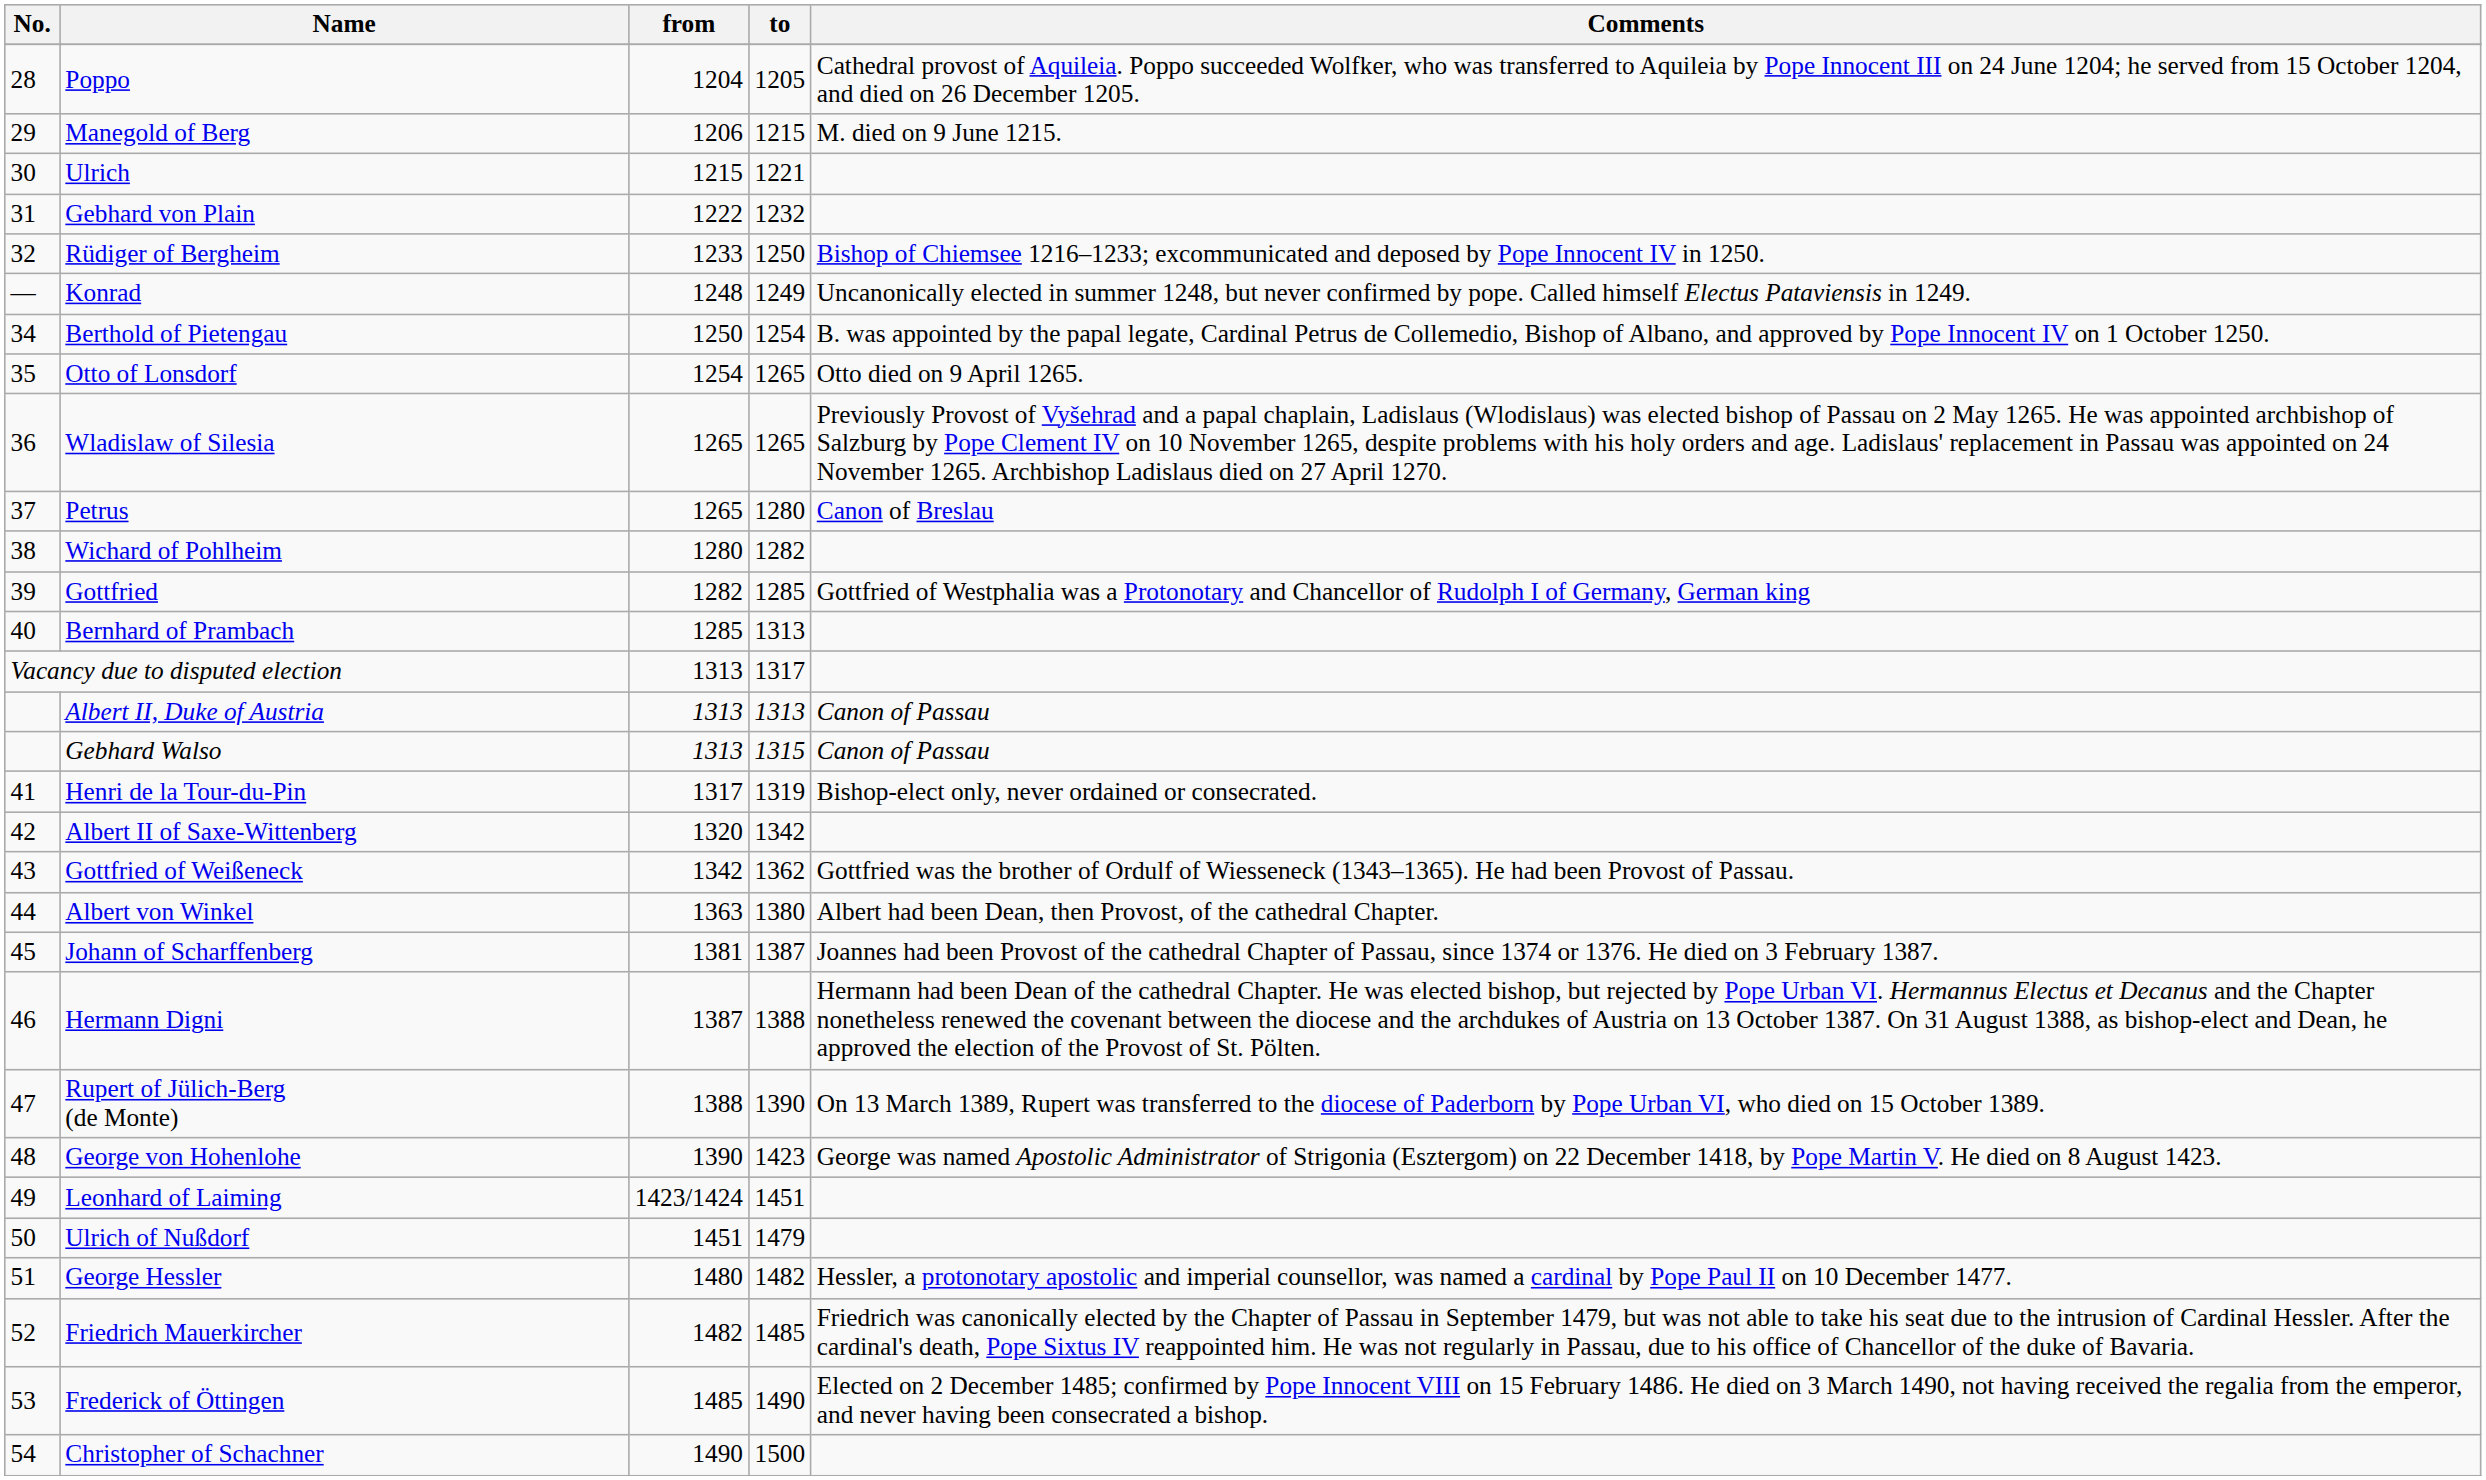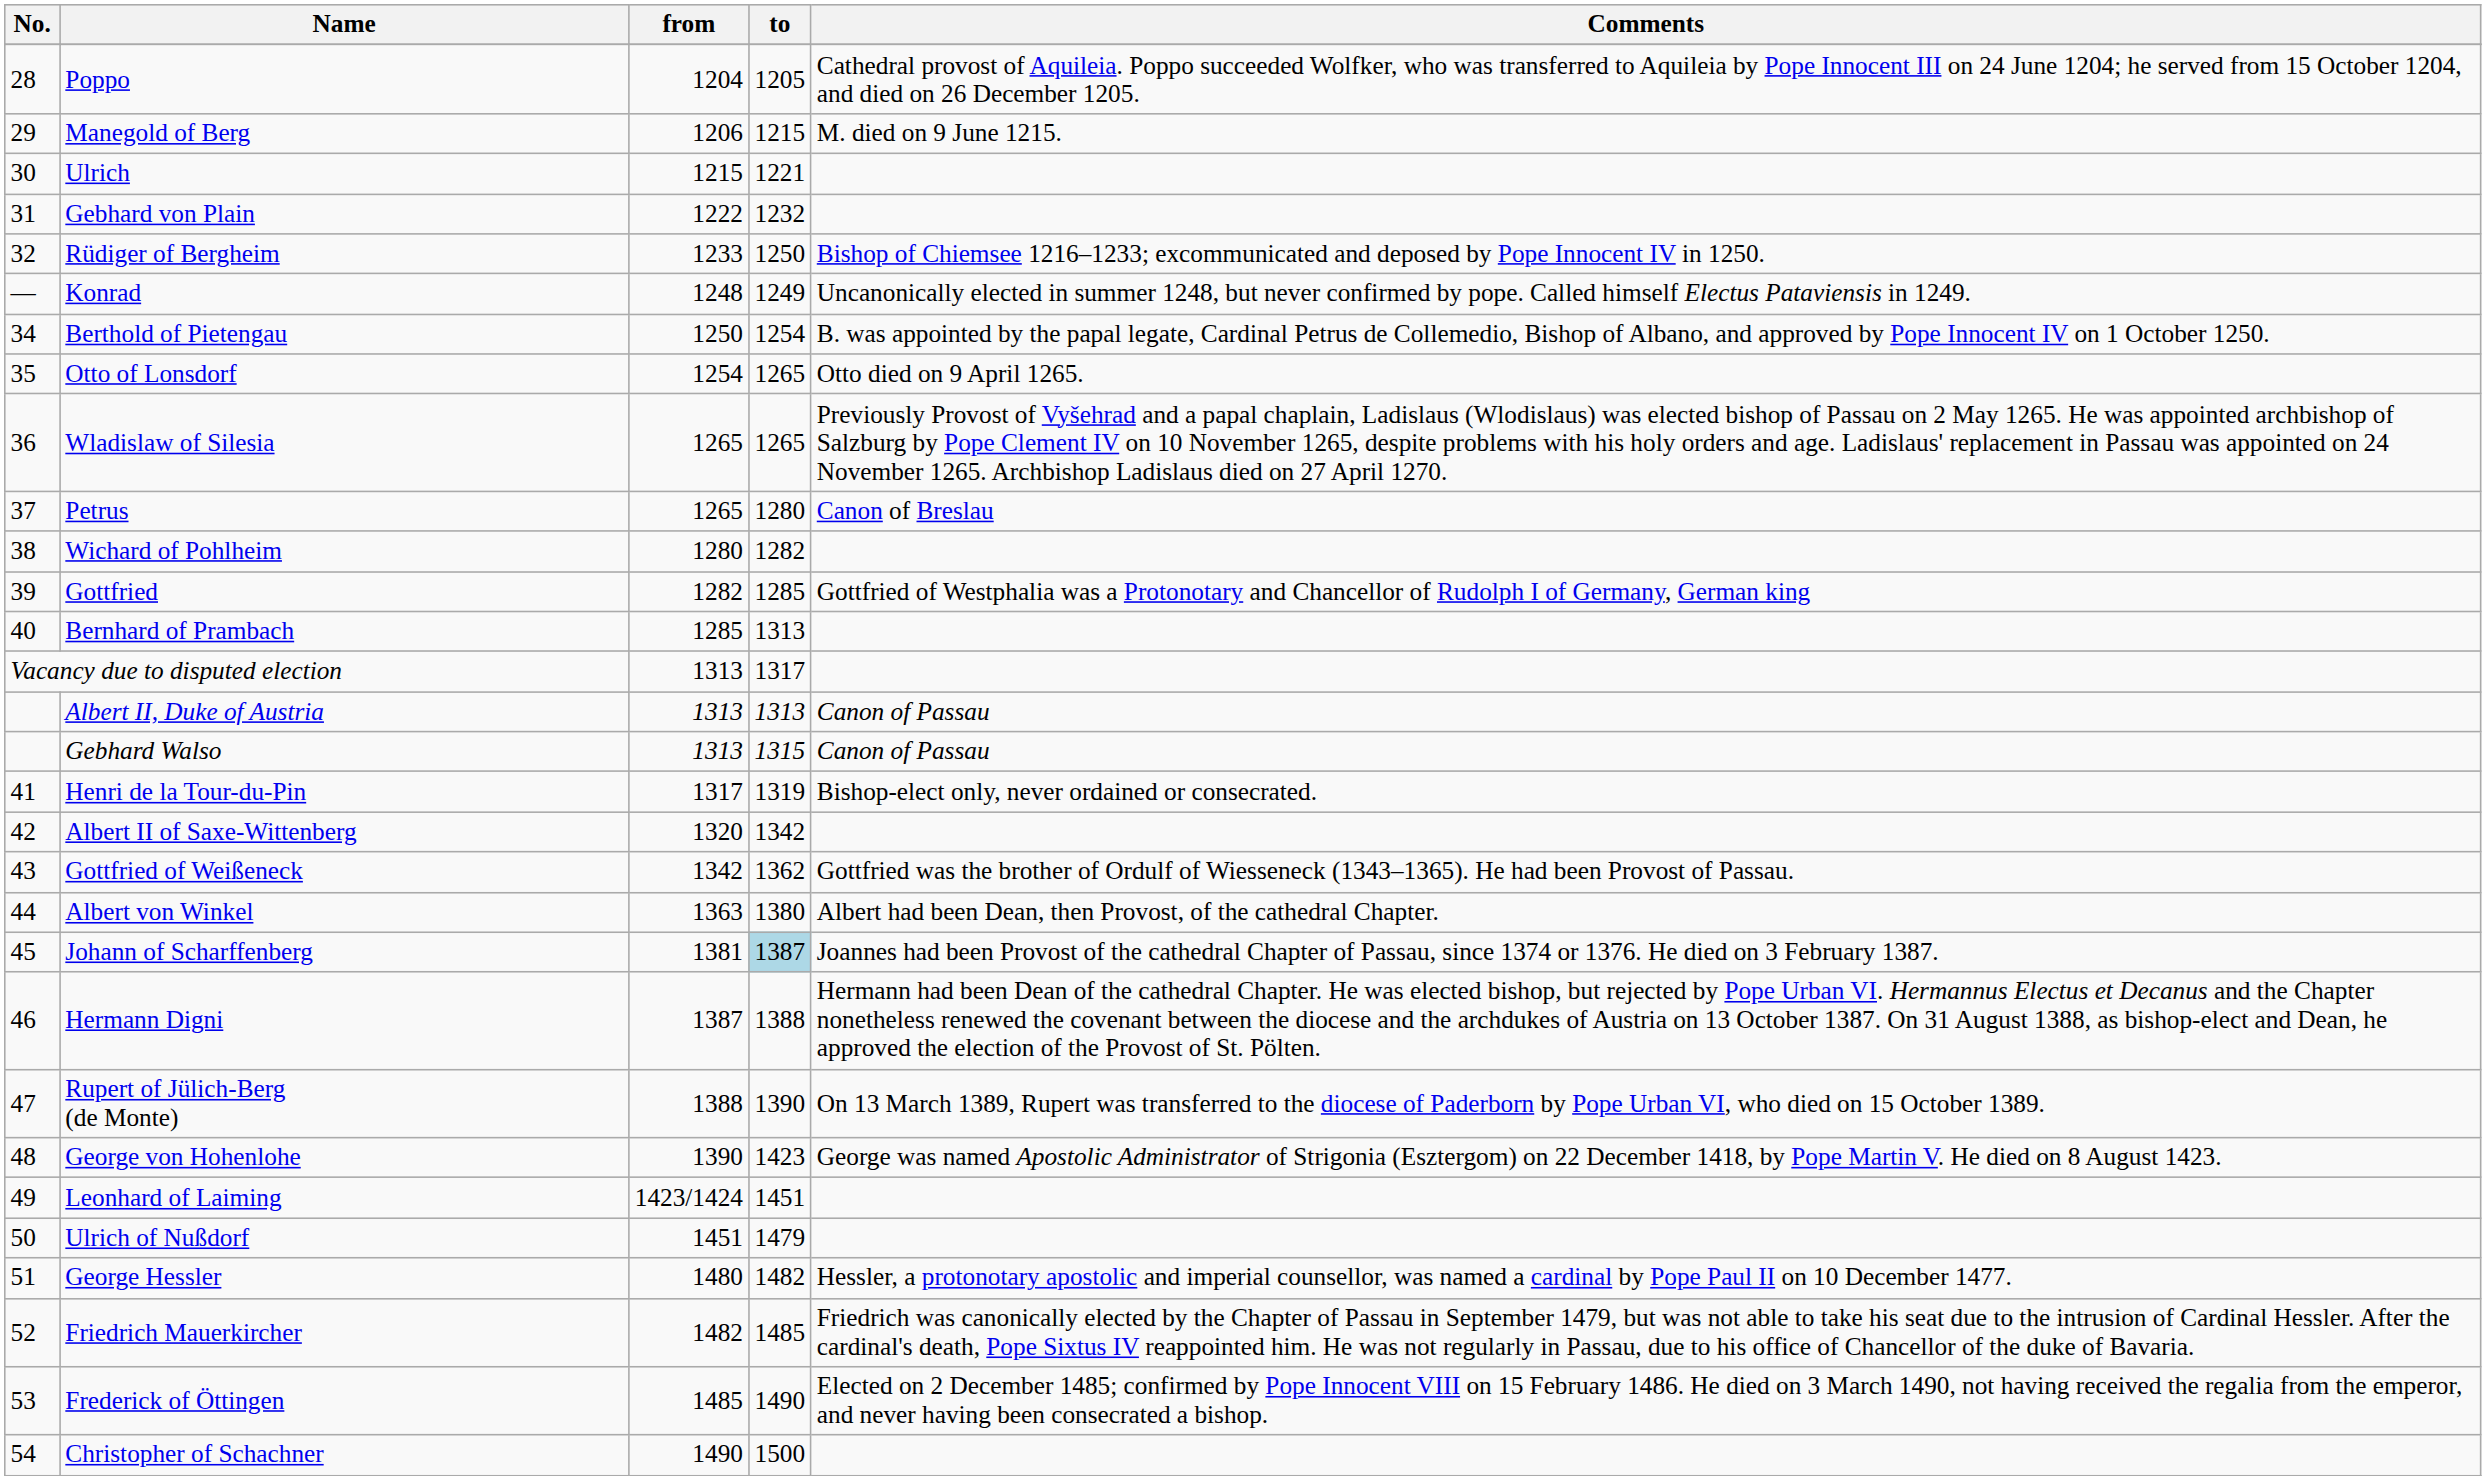 <table class="wikitable">
 <tr>
 <th bgcolor="silver" width="1%">No.</th>
 <th bgcolor="silver" width="23%">Name</th>
 <th bgcolor="silver">from</th>
 <th bgcolor="silver">to</th>
 <th bgcolor="silver">Comments</th>
 </tr>
 <tr>
 </tr>
 <tr>
 <td>28</td>
 <td><a href='#'>Poppo</a></td>
 <td align="right">1204</td>
 <td align="right">1205</td>
 <td>Cathedral provost of <a href='#'>Aquileia</a>. Poppo succeeded Wolfker, who was transferred to Aquileia by <a href='#'>Pope Innocent III</a> on 24 June 1204; he served from 15 October 1204, and died on 26 December 1205.</td>
 </tr>
 <tr>
 <td>29</td>
 <td><a href='#'>Manegold of Berg</a></td>
 <td align="right">1206</td>
 <td align="right">1215</td>
 <td>M. died on 9 June 1215.</td>
 </tr>
 <tr>
 <td>30</td>
 <td><a href='#'>Ulrich</a></td>
 <td align="right">1215</td>
 <td align="right">1221</td>
 <td> </td>
 </tr>
 <tr>
 <td>31</td>
 <td><a href='#'>Gebhard von Plain</a></td>
 <td align="right">1222</td>
 <td align="right">1232</td>
 <td> </td>
 </tr>
 <tr>
 <td>32</td>
 <td><a href='#'>Rüdiger of Bergheim</a></td>
 <td align="right">1233</td>
 <td align="right">1250</td>
 <td><a href='#'>Bishop of Chiemsee</a> 1216–1233; excommunicated and deposed by <a href='#'>Pope Innocent IV</a> in 1250.</td>
 </tr>
 <tr>
 <td>—</td>
 <td><a href='#'>Konrad</a></td>
 <td align="right">1248</td>
 <td align="right">1249</td>
 <td>Uncanonically elected in summer 1248, but never confirmed by pope. Called himself <em>Electus Pataviensis</em> in 1249.</td>
 </tr>
 <tr>
 <td>34</td>
 <td><a href='#'>Berthold of Pietengau</a></td>
 <td align="right">1250</td>
 <td align="right">1254</td>
 <td>B. was appointed by the papal legate, Cardinal Petrus de Collemedio, Bishop of Albano, and approved by <a href='#'>Pope Innocent IV</a> on 1 October 1250.</td>
 </tr>
 <tr>
 <td>35</td>
 <td><a href='#'>Otto of Lonsdorf</a></td>
 <td align="right">1254</td>
 <td align="right">1265</td>
 <td>Otto died on 9 April 1265.</td>
 </tr>
 <tr>
 <td>36</td>
 <td><a href='#'>Wladislaw of Silesia</a></td>
 <td align="right">1265</td>
 <td align="right">1265</td>
 <td>Previously Provost of <a href='#'>Vyšehrad</a> and a papal chaplain, Ladislaus (Wlodislaus) was elected bishop of Passau on 2 May 1265. He was appointed archbishop of Salzburg by <a href='#'>Pope Clement IV</a> on 10 November 1265, despite problems with his holy orders and age. Ladislaus' replacement in Passau was appointed on 24 November 1265. Archbishop Ladislaus died on 27 April 1270.</td>
 </tr>
 <tr>
 <td>37</td>
 <td><a href='#'>Petrus</a></td>
 <td align="right">1265</td>
 <td align="right">1280</td>
 <td><a href='#'>Canon</a> of <a href='#'>Breslau</a></td>
 </tr>
 <tr>
 <td>38</td>
 <td><a href='#'>Wichard of Pohlheim</a></td>
 <td align="right">1280</td>
 <td align="right">1282</td>
 <td> </td>
 </tr>
 <tr>
 <td>39</td>
 <td><a href='#'>Gottfried</a></td>
 <td align="right">1282</td>
 <td align="right">1285</td>
 <td>Gottfried of Westphalia was a <a href='#'>Protonotary</a> and Chancellor of <a href='#'>Rudolph I of Germany</a>, <a href='#'>German king</a></td>
 </tr>
 <tr>
 <td>40</td>
 <td><a href='#'>Bernhard of Prambach</a></td>
 <td align="right">1285</td>
 <td align="right">1313</td>
 <td> </td>
 </tr>
 <tr>
 <td colspan="2"><em>Vacancy due to disputed election</em></td>
 <td align="right">1313</td>
 <td align="right">1317</td>
 <td> </td>
 </tr>
 <tr style="font-style: italic;">
 <td> </td>
 <td><a href='#'>Albert II, Duke of Austria</a></td>
 <td align="right">1313</td>
 <td align="right">1313</td>
 <td>Canon of Passau</td>
 </tr>
 <tr style="font-style: italic;">
 <td> </td>
 <td>Gebhard Walso</td>
 <td align="right">1313</td>
 <td align="right">1315</td>
 <td>Canon of Passau</td>
 </tr>
 <tr>
 <td>41</td>
 <td><a href='#'>Henri de la Tour-du-Pin</a></td>
 <td align="right">1317</td>
 <td align="right">1319</td>
 <td>Bishop-elect only, never ordained or consecrated.</td>
 </tr>
 <tr>
 <td>42</td>
 <td><a href='#'>Albert II of Saxe-Wittenberg</a></td>
 <td align="right">1320</td>
 <td align="right">1342</td>
 <td> </td>
 </tr>
 <tr>
 <td>43</td>
 <td><a href='#'>Gottfried of Weißeneck</a></td>
 <td align="right">1342</td>
 <td align="right">1362</td>
 <td>Gottfried was the brother of Ordulf of Wiesseneck (1343–1365). He had been Provost of Passau.</td>
 </tr>
 <tr>
 <td>44</td>
 <td><a href='#'>Albert von Winkel</a></td>
 <td align="right">1363</td>
 <td align="right">1380</td>
 <td>Albert had been Dean, then Provost, of the cathedral Chapter.</td>
 </tr>
 <tr>
 <td>45</td>
 <td><a href='#'>Johann of Scharffenberg</a></td>
 <td align="right">1381</td>
-<td align="right">1387</td>
+<td align="right" style="background: lightblue;">1387</td>
 <td>Joannes had been Provost of the cathedral Chapter of Passau, since 1374 or 1376. He died on 3 February 1387.</td>
 </tr>
 <tr>
 <td>46</td>
 <td><a href='#'>Hermann Digni</a></td>
 <td align="right">1387</td>
 <td align="right">1388</td>
 <td>Hermann had been Dean of the cathedral Chapter. He was elected bishop, but rejected by <a href='#'>Pope Urban VI</a>. <em>Hermannus Electus et Decanus</em> and the Chapter nonetheless renewed the covenant between the diocese and the archdukes of Austria on 13 October 1387. On 31 August 1388, as bishop-elect and Dean, he approved the election of the Provost of St. Pölten.</td>
 </tr>
 <tr>
 <td>47</td>
 <td><a href='#'>Rupert of Jülich-Berg</a><br>(de Monte)</td>
 <td align="right">1388</td>
 <td align="right">1390</td>
 <td>On 13 March 1389, Rupert was transferred to the <a href='#'>diocese of Paderborn</a> by <a href='#'>Pope Urban VI</a>, who died on 15 October 1389.</td>
 </tr>
 <tr>
 <td>48</td>
 <td><a href='#'>George von Hohenlohe</a></td>
 <td align="right">1390</td>
 <td align="right">1423</td>
 <td>George was named <em>Apostolic Administrator</em> of Strigonia (Esztergom) on 22 December 1418, by <a href='#'>Pope Martin V</a>. He died on 8 August 1423.</td>
 </tr>
 <tr>
 <td>49</td>
 <td><a href='#'>Leonhard of Laiming</a></td>
 <td align="right">1423/1424</td>
 <td align="right">1451</td>
 <td> </td>
 </tr>
 <tr>
 <td>50</td>
 <td><a href='#'>Ulrich of Nußdorf</a></td>
 <td align="right">1451</td>
 <td align="right">1479</td>
 <td> </td>
 </tr>
 <tr>
 <td>51</td>
 <td><a href='#'>George Hessler</a></td>
 <td align="right">1480</td>
 <td align="right">1482</td>
 <td>Hessler, a <a href='#'>protonotary apostolic</a> and imperial counsellor, was named a <a href='#'>cardinal</a> by <a href='#'>Pope Paul II</a> on 10 December 1477.</td>
 </tr>
 <tr>
 <td>52</td>
 <td><a href='#'>Friedrich Mauerkircher</a></td>
 <td align="right">1482</td>
 <td align="right">1485</td>
 <td>Friedrich was canonically elected by the Chapter of Passau in September 1479, but was not able to take his seat due to the intrusion of Cardinal Hessler. After the cardinal's death, <a href='#'>Pope Sixtus IV</a> reappointed him. He was not regularly in Passau, due to his office of Chancellor of the duke of Bavaria.</td>
 </tr>
 <tr>
 <td>53</td>
 <td><a href='#'>Frederick of Öttingen</a></td>
 <td align="right">1485</td>
 <td align="right">1490</td>
 <td>Elected on 2 December 1485; confirmed by <a href='#'>Pope Innocent VIII</a> on 15 February 1486. He died on 3 March 1490, not having received the regalia from the emperor, and never having been consecrated a bishop.</td>
 </tr>
 <tr>
 <td>54</td>
 <td><a href='#'>Christopher of Schachner</a></td>
 <td align="right">1490</td>
 <td align="right">1500</td>
 <td> </td>
 </tr>
 <tr>
 </tr>
 </table>
